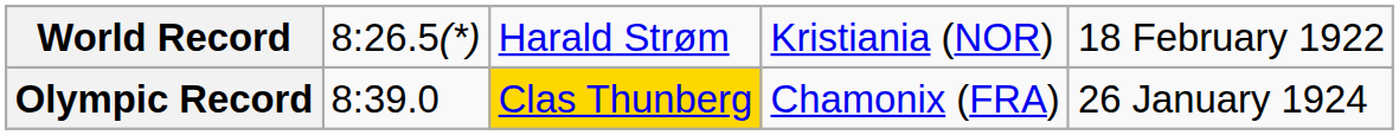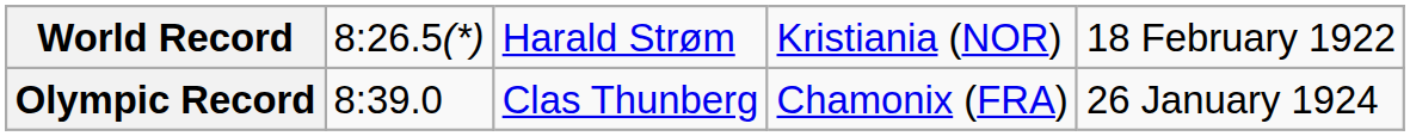 <table class="wikitable" style="font-size:95%;">
 <tr>
 <th>World Record</th>
 <td>8:26.5<em>(*)</em></td>
 <td> <a href='#'>Harald Strøm</a></td>
 <td><a href='#'>Kristiania</a> (<a href='#'>NOR</a>)</td>
 <td>18 February 1922</td>
 </tr>
 <tr>
 <th>Olympic Record</th>
 <td>8:39.0</td>
-<td style="background: gold;"> <a href='#'>Clas Thunberg</a></td>
+<td> <a href='#'>Clas Thunberg</a></td>
 <td><a href='#'>Chamonix</a> (<a href='#'>FRA</a>)</td>
 <td>26 January 1924</td>
 </tr>
 </table>
